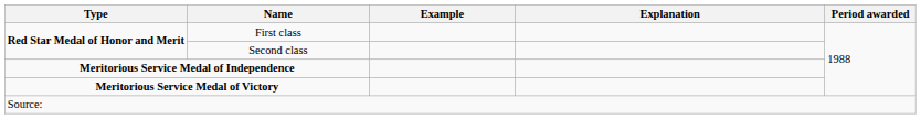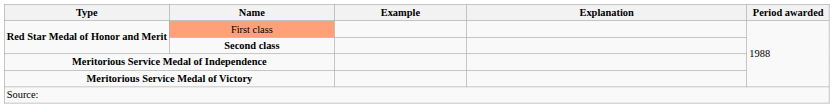 <table class="wikitable">
 <tr>
 <th width="20%">Type</th>
 <th width="20%">Name</th>
 <th width="16%">Example</th>
 <th>Explanation</th>
 <th width="10%">Period awarded</th>
 </tr>
 <tr>
 <td rowspan=2 style="text-align: center;"><strong>Red Star Medal of Honor and Merit</strong> </td>
-<td style="text-align: center;">First class</td>
+<td style="background: lightsalmon; text-align: center;">First class</td>
 <td></td>
 <td></td>
 <td rowspan=4>1988</td>
 </tr>
 <tr>
-<td style="text-align: center;">Second class</td>
+<td style="text-align: center;"><strong>Second class</strong></td>
 <td></td>
 <td></td>
 </tr>
 <tr>
 <td colspan=2 style="text-align: center;"><strong>Meritorious Service Medal of Independence</strong></td>
 <td></td>
 <td></td>
 </tr>
 <tr>
 <td colspan=2 style="text-align: center;"><strong>Meritorious Service Medal of Victory</strong></td>
 <td></td>
 <td></td>
 </tr>
 <tr>
 <td colspan="5">Source:</td>
 </tr>
 </table>
